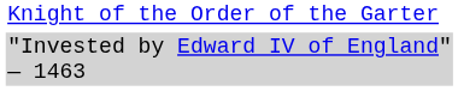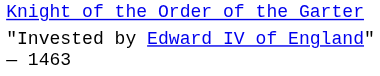 <table>
 <tr>
 <td rowspan=2 style="width:60px; vertical-align:top;"></td>
 <td><a href='#'>Knight of the Order of the Garter</a></td>
 </tr>
 <tr>
-<td style="background: lightgrey;">"Invested by <a href='#'>Edward IV of England</a>"<br>— 1463</td>
+<td>"Invested by <a href='#'>Edward IV of England</a>"<br>— 1463</td>
 </tr>
 </table>
